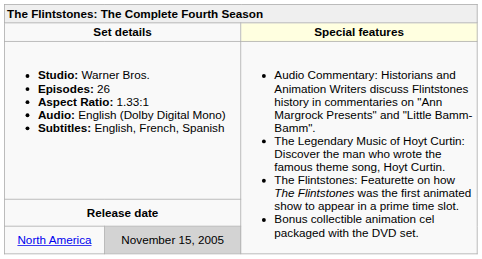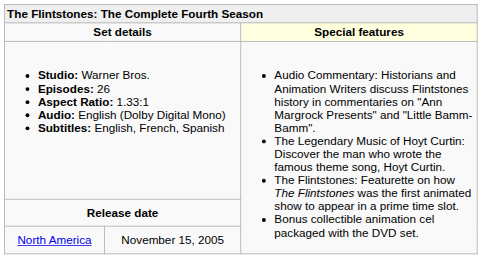 <table class="wikitable" style="font-size: 95%;">
 <tr style="background:#EFEFEF">
 <td colspan="3"><strong>The Flintstones: The Complete Fourth Season</strong></td>
 </tr>
 <tr style="vertical-align:top; text-align:center;">
 <td colspan="2"  style="width:300px;"><strong>Set details</strong></td>
 <td style="background: lightyellow; width:200px; "><strong>Special features</strong></td>
 </tr>
 <tr valign="top">
 <td colspan="2"  style="text-align:left; width:300px;"><br><ul><li><strong>Studio:</strong> Warner Bros.</li><li><strong>Episodes:</strong> 26</li><li><strong>Aspect Ratio:</strong> 1.33:1</li><li><strong>Audio:</strong> English (Dolby Digital Mono)</li><li><strong>Subtitles:</strong> English, French, Spanish</li></ul></td>
 <td rowspan="3"  style="text-align:left; width:300px;"><br><ul><li>Audio Commentary: Historians and Animation Writers discuss Flintstones history in commentaries on "Ann Margrock Presents" and "Little Bamm-Bamm".</li><li>The Legendary Music of Hoyt Curtin: Discover the man who wrote the famous theme song, Hoyt Curtin.</li><li>The Flintstones: Featurette on how <em>The Flintstones</em> was the first animated show to appear in a prime time slot.</li><li>Bonus collectible animation cel packaged with the DVD set.</li></ul></td>
 </tr>
 <tr>
 <td style="text-align:center;" colspan="2"><strong>Release date</strong></td>
 </tr>
 <tr>
 <td style="text-align:center;"> <a href='#'>North America</a></td>
-<td style="background: lightgrey; text-align:center;">November 15, 2005</td>
+<td style="text-align:center;">November 15, 2005</td>
 </tr>
 </table>
